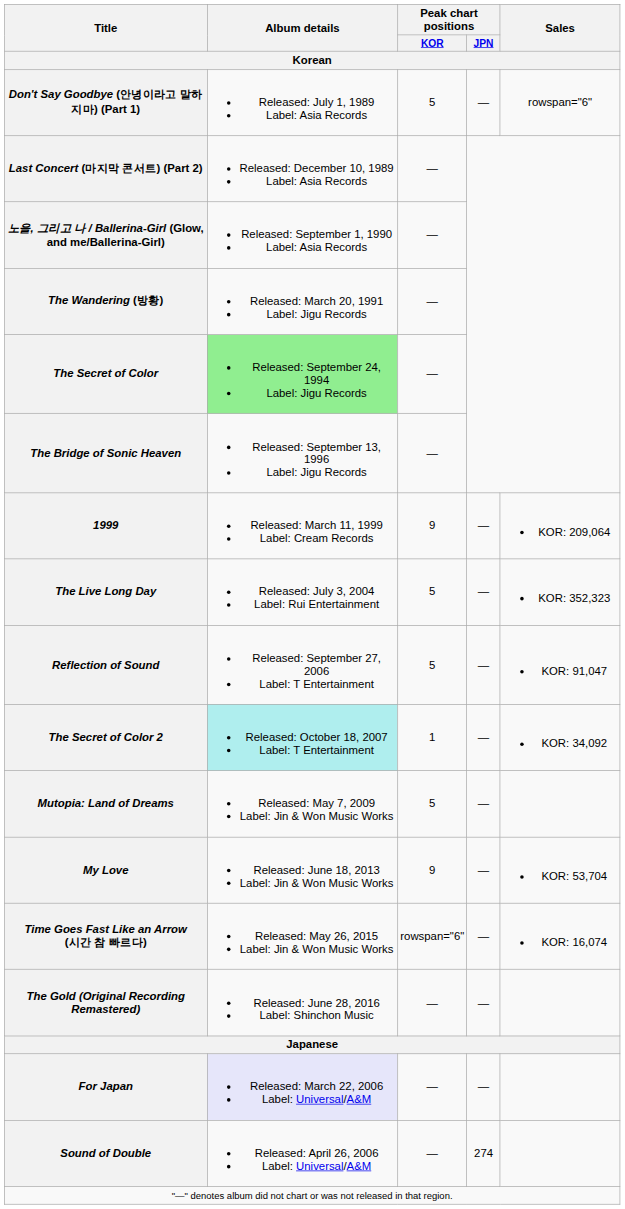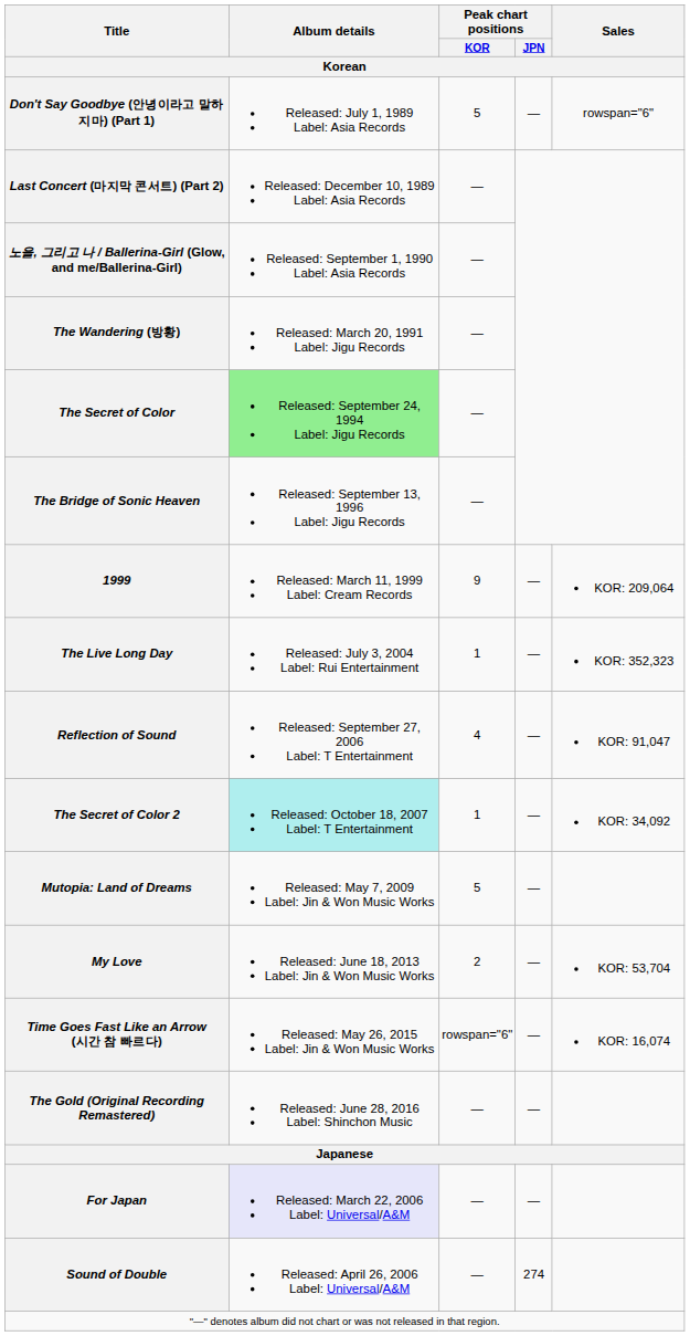 <table class="wikitable plainrowheaders" style="text-align:center;">
 <tr>
 <th scope="col" rowspan="2" style="width:20em;">Title</th>
 <th scope="col" rowspan="2" style="width:18em;">Album details</th>
 <th colspan="2" scope="col">Peak chart positions</th>
 <th scope="col" rowspan="2" style="width:11em;">Sales</th>
 </tr>
 <tr>
 <th style="width:3em;font-size:90%;"><a href='#'>KOR</a><br></th>
 <th style="width:3em;font-size:90%;"><a href='#'>JPN</a><br></th>
 </tr>
 <tr>
 <th colspan="5">Korean</th>
 </tr>
 <tr>
 <th scope="row"><em>Don't Say Goodbye</em> (안녕이라고 말하지마) (Part 1)</th>
 <td><br><ul><li>Released: July 1, 1989</li><li>Label: Asia Records</li></ul></td>
 <td>5</td>
 <td>—</td>
 <td>rowspan="6" </td>
 </tr>
 <tr>
 <th scope="row"><em>Last Concert</em> (마지막 콘서트) (Part 2)</th>
 <td><br><ul><li>Released: December 10, 1989</li><li>Label: Asia Records</li></ul></td>
 <td>—</td>
 </tr>
 <tr>
 <th scope="row"><em>노을, 그리고 나 / Ballerina-Girl</em> (Glow, and me/Ballerina-Girl)</th>
 <td><br><ul><li>Released: September 1, 1990</li><li>Label: Asia Records</li></ul></td>
 <td>—</td>
 </tr>
 <tr>
 <th scope="row"><em>The Wandering</em> (방황)</th>
 <td><br><ul><li>Released: March 20, 1991</li><li>Label: Jigu Records</li></ul></td>
 <td>—</td>
 </tr>
 <tr>
 <th scope="row"><em>The Secret of Color</em></th>
 <td style="background: lightgreen;"><br><ul><li>Released: September 24, 1994</li><li>Label: Jigu Records</li></ul></td>
 <td>—</td>
 </tr>
 <tr>
 <th scope="row"><em>The Bridge of Sonic Heaven</em></th>
 <td><br><ul><li>Released: September 13, 1996</li><li>Label: Jigu Records</li></ul></td>
 <td>—</td>
 </tr>
 <tr>
 <th scope="row"><em>1999</em></th>
 <td><br><ul><li>Released: March 11, 1999</li><li>Label: Cream Records</li></ul></td>
 <td>9</td>
 <td>—</td>
 <td><br><ul><li>KOR: 209,064</li></ul></td>
 </tr>
 <tr>
 <th scope="row"><em>The Live Long Day</em></th>
 <td><br><ul><li>Released: July 3, 2004</li><li>Label: Rui Entertainment</li></ul></td>
-<td>5</td>
+<td>1</td>
 <td>—</td>
 <td><br><ul><li>KOR: 352,323</li></ul></td>
 </tr>
 <tr>
 <th scope="row"><em>Reflection of Sound</em></th>
 <td><br><ul><li>Released: September 27, 2006</li><li>Label: T Entertainment</li></ul></td>
-<td>5</td>
+<td>4</td>
 <td>—</td>
 <td><br><ul><li>KOR: 91,047</li></ul></td>
 </tr>
 <tr>
 <th scope="row"><em>The Secret of Color 2</em></th>
 <td style="background: paleturquoise;"><br><ul><li>Released: October 18, 2007</li><li>Label: T Entertainment</li></ul></td>
 <td>1</td>
 <td>—</td>
 <td><br><ul><li>KOR: 34,092</li></ul></td>
 </tr>
 <tr>
 <th scope="row"><em>Mutopia: Land of Dreams</em></th>
 <td><br><ul><li>Released: May 7, 2009</li><li>Label: Jin & Won Music Works</li></ul></td>
 <td>5</td>
 <td>—</td>
 <td></td>
 </tr>
 <tr>
 <th scope="row"><em>My Love</em></th>
 <td><br><ul><li>Released: June 18, 2013</li><li>Label: Jin & Won Music Works</li></ul></td>
-<td>9</td>
+<td>2</td>
 <td>—</td>
 <td><br><ul><li>KOR: 53,704</li></ul></td>
 </tr>
 <tr>
 <th scope="row"><em>Time Goes Fast Like an Arrow</em> <br> (시간 참 빠르다)</th>
 <td><br><ul><li>Released: May 26, 2015</li><li>Label: Jin & Won Music Works</li></ul></td>
 <td>rowspan="6" </td>
 <td>—</td>
 <td><br><ul><li>KOR: 16,074</li></ul></td>
 </tr>
 <tr>
 <th scope="row"><em>The Gold (Original Recording Remastered)</em></th>
 <td><br><ul><li>Released: June 28, 2016</li><li>Label: Shinchon Music</li></ul></td>
 <td>—</td>
 <td>—</td>
 <td></td>
 </tr>
 <tr>
 <th colspan="5">Japanese</th>
 </tr>
 <tr>
 <th scope="row"><em>For Japan</em></th>
 <td style="background: lavender;"><br><ul><li>Released: March 22, 2006</li><li>Label: <a href='#'>Universal</a>/<a href='#'>A&M</a></li></ul></td>
 <td>—</td>
 <td>—</td>
 <td></td>
 </tr>
 <tr>
 <th scope="row"><em>Sound of Double</em></th>
 <td><br><ul><li>Released: April 26, 2006</li><li>Label: <a href='#'>Universal</a>/<a href='#'>A&M</a></li></ul></td>
 <td>—</td>
 <td>274</td>
 <td></td>
 </tr>
 <tr>
 <td colspan="5"><small>"—" denotes album did not chart or was not released in that region.</small></td>
 </tr>
 </table>
